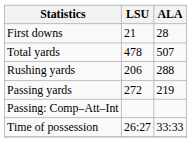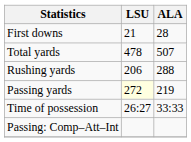 <table class="wikitable" style="float: left;">
 <tr>
 <th>Statistics</th>
 <th>LSU</th>
 <th>ALA</th>
 </tr>
 <tr>
 <td>First downs</td>
 <td>21</td>
 <td>28</td>
 </tr>
 <tr>
 <td>Total yards</td>
 <td>478</td>
 <td>507</td>
 </tr>
 <tr>
 <td>Rushing yards</td>
 <td>206</td>
 <td>288</td>
 </tr>
 <tr>
 <td>Passing yards</td>
-<td>272</td>
+<td style="background: lightyellow;">272</td>
 <td>219</td>
+</tr>
+<tr>
+<td>Time of possession</td>
+<td>26:27</td>
+<td>33:33</td>
 </tr>
 <tr>
 <td>Passing: Comp–Att–Int</td>
 <td></td>
 <td></td>
 </tr>
 <tr>
-<td>Time of possession</td>
-<td>26:27</td>
-<td>33:33</td>
-</tr>
-<tr>
 </tr>
 </table>
